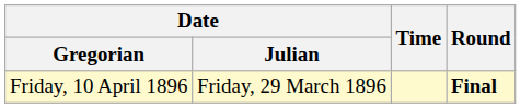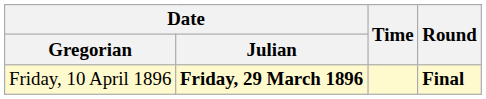 <table class="wikitable">
 <tr>
 <th colspan=2>Date</th>
 <th rowspan=2>Time</th>
 <th rowspan=2>Round</th>
 </tr>
 <tr>
 <th>Gregorian</th>
 <th>Julian</th>
 </tr>
 <tr style=background:lemonchiffon>
 <td>Friday, 10 April 1896</td>
-<td>Friday, 29 March 1896</td>
+<td><strong>Friday, 29 March 1896</strong></td>
 <td></td>
 <td><strong>Final</strong></td>
 </tr>
 </table>
